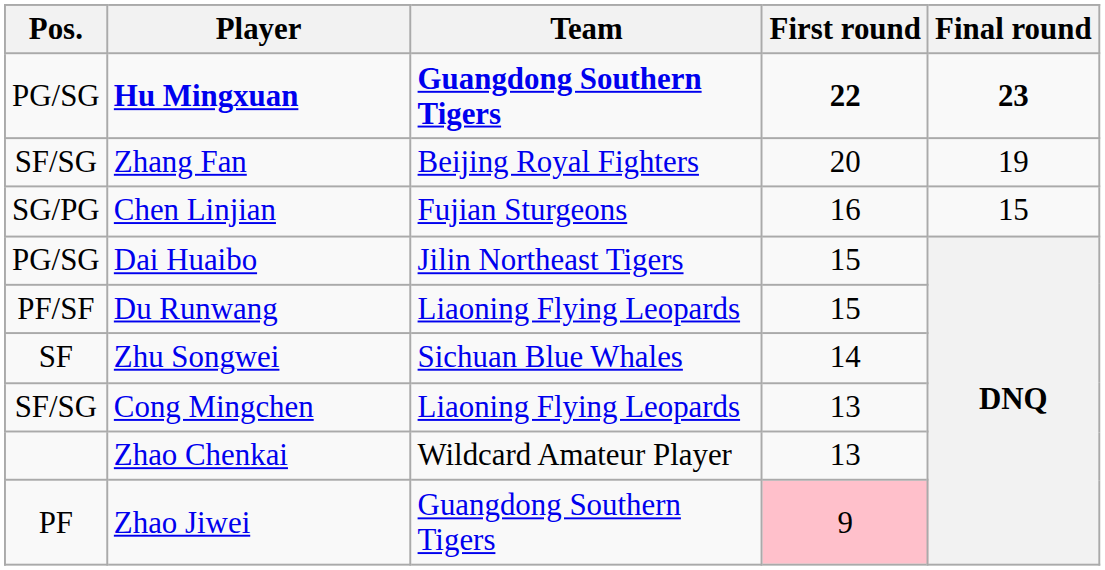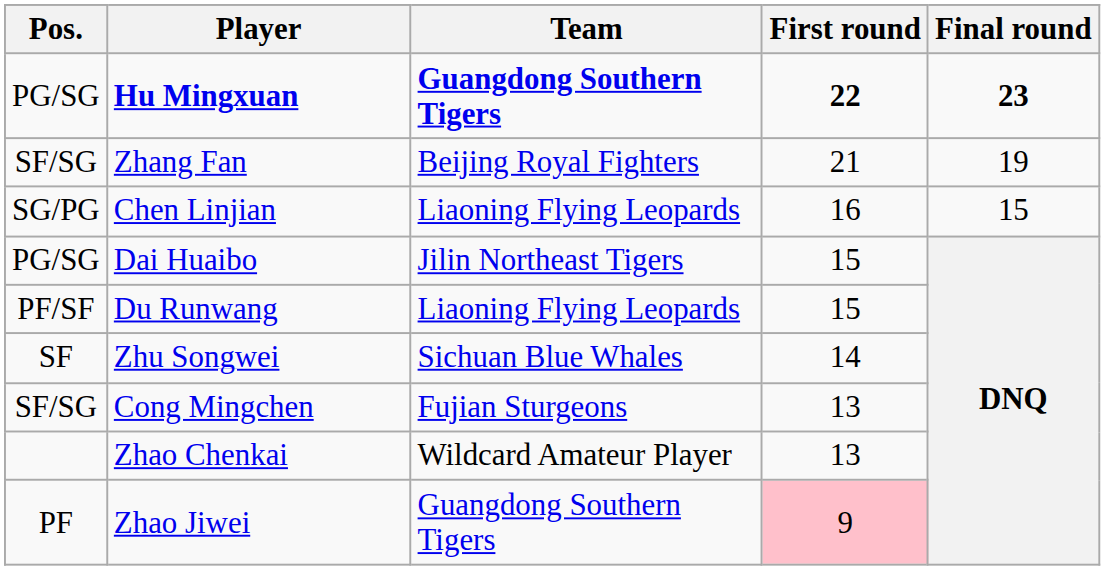 <table class="wikitable sortable">
 <tr>
 <th>Pos.</th>
 <th style="width:150px;">Player</th>
 <th width=175>Team</th>
 <th>First round</th>
 <th>Final round</th>
 </tr>
 <tr>
 <td style="text-align:center">PG/SG</td>
 <td><strong><a href='#'>Hu Mingxuan</a></strong></td>
 <td><strong><a href='#'>Guangdong Southern Tigers</a></strong></td>
 <td align=center><strong>22</strong></td>
 <td style="text-align:center;"><strong>23</strong></td>
 </tr>
 <tr>
 <td style="text-align:center">SF/SG</td>
 <td><a href='#'>Zhang Fan</a></td>
 <td><a href='#'>Beijing Royal Fighters</a></td>
-<td align=center>20</td>
+<td align=center>21</td>
 <td style="text-align:center;">19</td>
 </tr>
 <tr>
 <td style="text-align:center">SG/PG</td>
 <td><a href='#'>Chen Linjian</a></td>
-<td><a href='#'>Fujian Sturgeons</a></td>
+<td><a href='#'>Liaoning Flying Leopards</a></td>
 <td align=center>16</td>
 <td style="text-align:center;">15</td>
 </tr>
 <tr>
 <td style="text-align:center">PG/SG</td>
 <td><a href='#'>Dai Huaibo</a></td>
 <td><a href='#'>Jilin Northeast Tigers</a></td>
 <td align=center>15</td>
 <th rowspan="6" style="text-align:center;">DNQ</th>
 </tr>
 <tr>
 <td style="text-align:center">PF/SF</td>
 <td><a href='#'>Du Runwang</a></td>
 <td><a href='#'>Liaoning Flying Leopards</a></td>
 <td align=center>15</td>
 </tr>
 <tr>
 <td style="text-align:center">SF</td>
 <td><a href='#'>Zhu Songwei</a></td>
 <td><a href='#'>Sichuan Blue Whales</a></td>
 <td align=center>14</td>
 </tr>
 <tr>
 <td style="text-align:center">SF/SG</td>
 <td><a href='#'>Cong Mingchen</a></td>
-<td><a href='#'>Liaoning Flying Leopards</a></td>
+<td><a href='#'>Fujian Sturgeons</a></td>
 <td align=center>13</td>
 </tr>
 <tr>
 <td style="text-align:center"></td>
 <td><a href='#'>Zhao Chenkai</a></td>
 <td>Wildcard Amateur Player</td>
 <td align=center>13</td>
 </tr>
 <tr>
 <td style="text-align:center">PF</td>
 <td><a href='#'>Zhao Jiwei</a></td>
 <td><a href='#'>Guangdong Southern Tigers</a></td>
 <td align=center style="background: pink;">9</td>
 </tr>
 </table>
